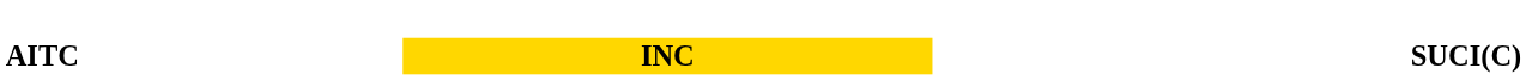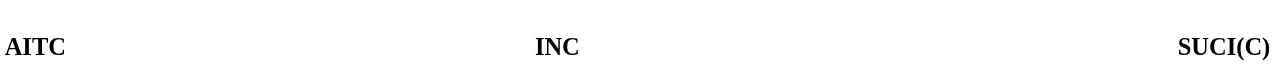 <table style="width:100%; text-align:center;">
 <tr style="color:white;">
 <td style="background:"><strong>12</strong></td>
 <td style="background:"><strong>1</strong></td>
 <td style="background:"><strong>1</strong></td>
 </tr>
 <tr>
 <td><span><strong>AITC</strong></span></td>
-<td style="background: gold;"><span><strong>INC</strong></span></td>
+<td><span><strong>INC</strong></span></td>
 <td><span><strong>SUCI(C)</strong></span></td>
 </tr>
 </table>
